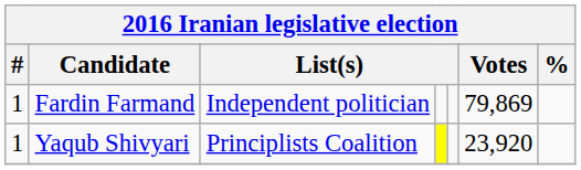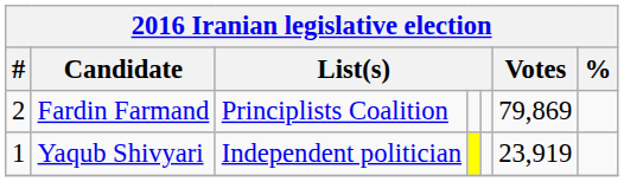 <table class=wikitable style=text-align:left>
 <tr>
 <th colspan="7" align=center><a href='#'>2016 Iranian legislative election</a></th>
 </tr>
 <tr>
 <th>#</th>
 <th>Candidate</th>
 <th colspan="3">List(s)</th>
 <th>Votes</th>
 <th>%</th>
 </tr>
 <tr>
-<td>1</td>
+<td>2</td>
 <td><a href='#'>Fardin Farmand</a></td>
-<td><a href='#'>Independent politician</a></td>
+<td><a href='#'>Principlists Coalition</a></td>
 <td></td>
 <td></td>
 <td>79,869</td>
 <td></td>
 </tr>
 <tr>
 <td>1</td>
 <td><a href='#'>Yaqub Shivyari</a></td>
-<td><a href='#'>Principlists Coalition</a></td>
+<td><a href='#'>Independent politician</a></td>
 <td style="background:#FFFF00"></td>
 <td></td>
-<td>23,920</td>
+<td>23,919</td>
 <td></td>
 </tr>
 <tr>
 </tr>
 </table>
